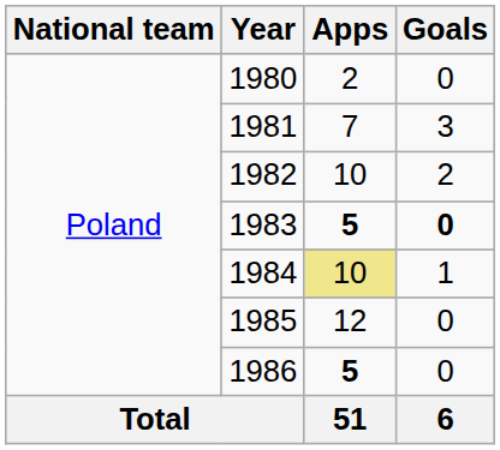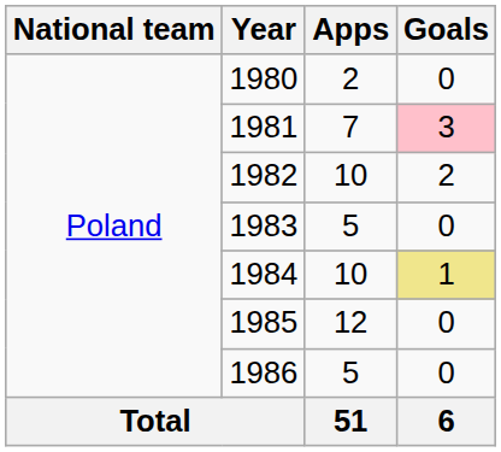 <table class="wikitable" style="text-align:center">
 <tr>
 <th>National team</th>
 <th>Year</th>
 <th>Apps</th>
 <th>Goals</th>
 </tr>
 <tr>
 <td rowspan="7"><a href='#'>Poland</a></td>
 <td>1980</td>
 <td>2</td>
 <td>0</td>
 </tr>
 <tr>
 <td>1981</td>
 <td>7</td>
-<td>3</td>
+<td style="background: pink;">3</td>
 </tr>
 <tr>
 <td>1982</td>
 <td>10</td>
 <td>2</td>
 </tr>
 <tr>
 <td>1983</td>
-<td><strong>5</strong></td>
-<td><strong>0</strong></td>
+<td>5</td>
+<td>0</td>
 </tr>
 <tr>
 <td>1984</td>
-<td style="background: khaki;">10</td>
-<td>1</td>
+<td>10</td>
+<td style="background: khaki;">1</td>
 </tr>
 <tr>
 <td>1985</td>
 <td>12</td>
 <td>0</td>
 </tr>
 <tr>
 <td>1986</td>
-<td><strong>5</strong></td>
+<td>5</td>
 <td>0</td>
 </tr>
 <tr>
 <th colspan="2">Total</th>
 <th>51</th>
 <th>6</th>
 </tr>
 </table>
